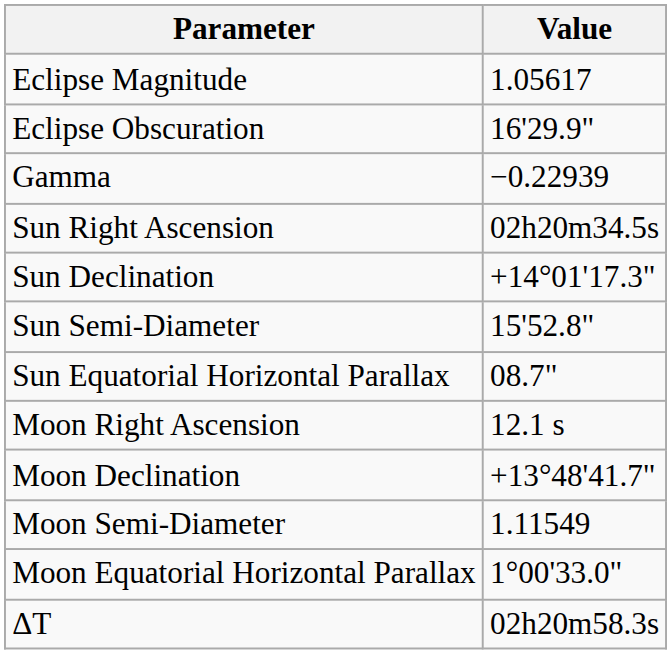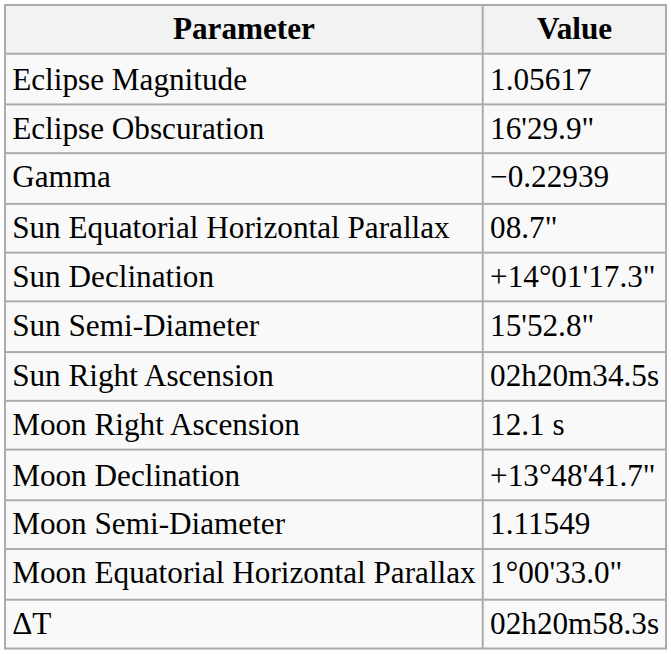 <table class="wikitable">
 <tr>
 <th>Parameter</th>
 <th>Value</th>
 </tr>
 <tr>
 <td>Eclipse Magnitude</td>
 <td>1.05617</td>
 </tr>
 <tr>
 <td>Eclipse Obscuration</td>
 <td>16'29.9"</td>
 </tr>
 <tr>
 <td>Gamma</td>
 <td>−0.22939</td>
 </tr>
 <tr>
-<td>Sun Right Ascension</td>
-<td>02h20m34.5s</td>
+<td>Sun Equatorial Horizontal Parallax</td>
+<td>08.7"</td>
 </tr>
 <tr>
 <td>Sun Declination</td>
 <td>+14°01'17.3"</td>
 </tr>
 <tr>
 <td>Sun Semi-Diameter</td>
 <td>15'52.8"</td>
 </tr>
 <tr>
-<td>Sun Equatorial Horizontal Parallax</td>
-<td>08.7"</td>
+<td>Sun Right Ascension</td>
+<td>02h20m34.5s</td>
 </tr>
 <tr>
 <td>Moon Right Ascension</td>
 <td>12.1 s</td>
 </tr>
 <tr>
 <td>Moon Declination</td>
 <td>+13°48'41.7"</td>
 </tr>
 <tr>
 <td>Moon Semi-Diameter</td>
 <td>1.11549</td>
 </tr>
 <tr>
 <td>Moon Equatorial Horizontal Parallax</td>
 <td>1°00'33.0"</td>
 </tr>
 <tr>
 <td>ΔT</td>
 <td>02h20m58.3s</td>
 </tr>
 </table>
